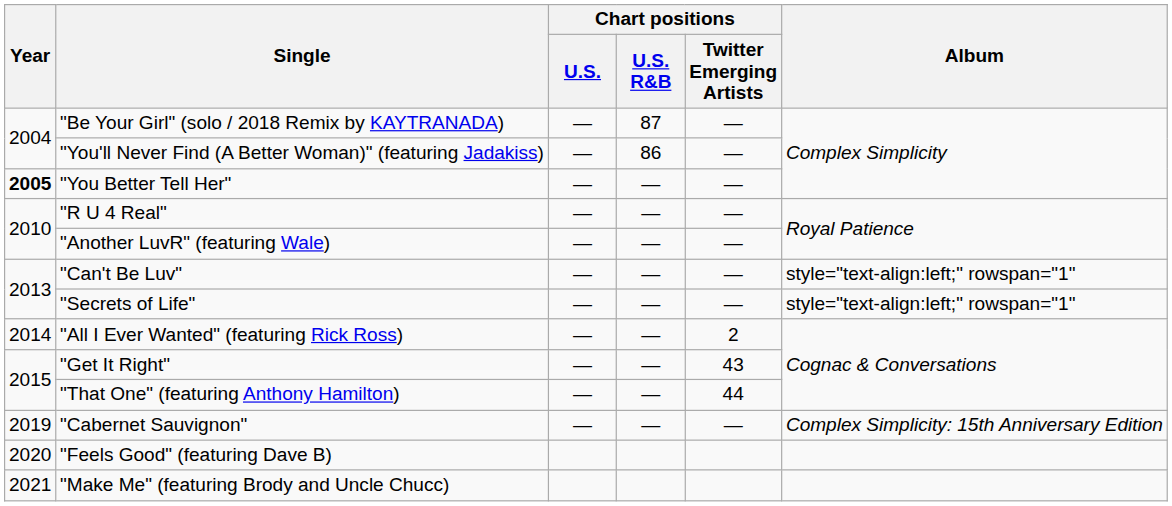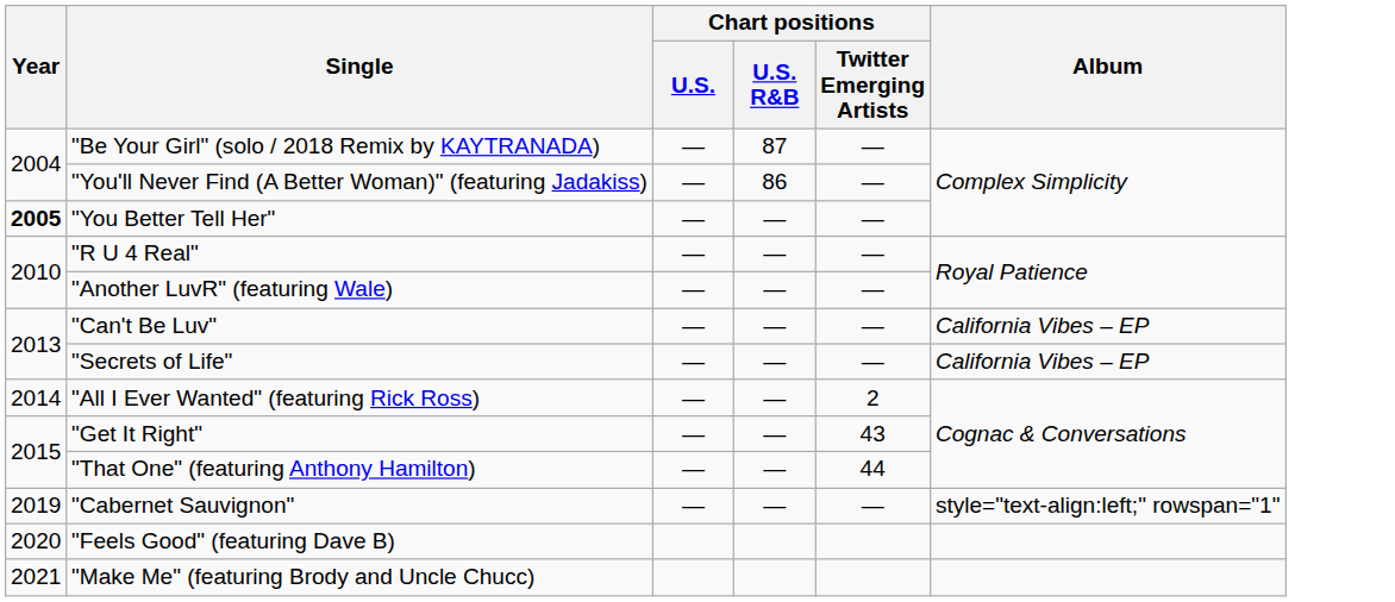 <table class="wikitable">
 <tr>
 <th style="text-align:center;" rowspan="2">Year</th>
 <th style="text-align:center;" rowspan="2">Single</th>
 <th style="text-align:center;" colspan="3">Chart positions</th>
 <th style="text-align:center;" rowspan="2">Album</th>
 </tr>
 <tr>
 <th width="50"><a href='#'>U.S.</a></th>
 <th width="50"><a href='#'>U.S. R&B</a></th>
 <th width="50">Twitter Emerging Artists</th>
 </tr>
 <tr>
 <td style="text-align:center;" rowspan="2">2004</td>
 <td align="left">"Be Your Girl" (solo / 2018 Remix by <a href='#'>KAYTRANADA</a>)</td>
 <td style="text-align:center;">—</td>
 <td style="text-align:center;">87</td>
 <td style="text-align:center;">—</td>
 <td style="text-align:left;" rowspan="3"><em>Complex Simplicity</em></td>
 </tr>
 <tr>
 <td align="left">"You'll Never Find (A Better Woman)" (featuring <a href='#'>Jadakiss</a>)</td>
 <td style="text-align:center;">—</td>
 <td style="text-align:center;">86</td>
 <td style="text-align:center;">—</td>
 </tr>
 <tr>
 <td style="text-align:center;"><strong>2005</strong></td>
 <td align="left">"You Better Tell Her"</td>
 <td style="text-align:center;">—</td>
 <td style="text-align:center;">—</td>
 <td style="text-align:center;">—</td>
 </tr>
 <tr>
 <td style="text-align:center;" rowspan="2">2010</td>
 <td align="left">"R U 4 Real"</td>
 <td style="text-align:center;">—</td>
 <td style="text-align:center;">—</td>
 <td style="text-align:center;">—</td>
 <td style="text-align:left;" rowspan="2"><em>Royal Patience</em></td>
 </tr>
 <tr>
 <td align="left">"Another LuvR" (featuring <a href='#'>Wale</a>)</td>
 <td style="text-align:center;">—</td>
 <td style="text-align:center;">—</td>
 <td style="text-align:center;">—</td>
 </tr>
 <tr>
 <td style="text-align:center;" rowspan="2">2013</td>
 <td align="left">"Can't Be Luv"</td>
 <td style="text-align:center;">—</td>
 <td style="text-align:center;">—</td>
 <td style="text-align:center;">—</td>
-<td>style="text-align:left;" rowspan="1" </td>
+<td style="text-align:left;"><em>California Vibes – EP</em></td>
 </tr>
 <tr>
 <td align="left">"Secrets of Life"</td>
 <td style="text-align:center;">—</td>
 <td style="text-align:center;">—</td>
 <td style="text-align:center;">—</td>
-<td>style="text-align:left;" rowspan="1" </td>
+<td style="text-align:left;"><em>California Vibes – EP</em></td>
 </tr>
 <tr>
 <td style="text-align:center;">2014</td>
 <td align="left">"All I Ever Wanted" (featuring <a href='#'>Rick Ross</a>)</td>
 <td style="text-align:center;">—</td>
 <td style="text-align:center;">—</td>
 <td style="text-align:center;">2</td>
 <td style="text-align:left;" rowspan="3"><em>Cognac & Conversations</em></td>
 </tr>
 <tr>
 <td style="text-align:center;" rowspan="2">2015</td>
 <td align="left">"Get It Right"</td>
 <td style="text-align:center;">—</td>
 <td style="text-align:center;">—</td>
 <td style="text-align:center;">43</td>
 </tr>
 <tr>
 <td align="left">"That One" (featuring <a href='#'>Anthony Hamilton</a>)</td>
 <td style="text-align:center;">—</td>
 <td style="text-align:center;">—</td>
 <td style="text-align:center;">44</td>
 </tr>
 <tr>
 <td style="text-align:center;">2019</td>
 <td align="left">"Cabernet Sauvignon"</td>
 <td style="text-align:center;">—</td>
 <td style="text-align:center;">—</td>
 <td style="text-align:center;">—</td>
-<td style="text-align:left;"><em>Complex Simplicity: 15th Anniversary Edition</em></td>
+<td>style="text-align:left;" rowspan="1" </td>
 </tr>
 <tr>
 <td>2020</td>
 <td>"Feels Good" (featuring Dave B)</td>
 <td></td>
 <td></td>
 <td></td>
 <td></td>
 </tr>
 <tr>
 <td>2021</td>
 <td>"Make Me" (featuring Brody and Uncle Chucc)</td>
 <td></td>
 <td></td>
 <td></td>
 <td></td>
 </tr>
 </table>
